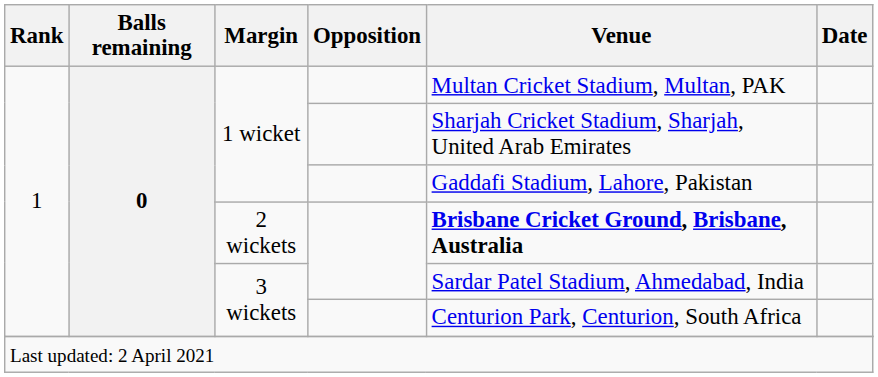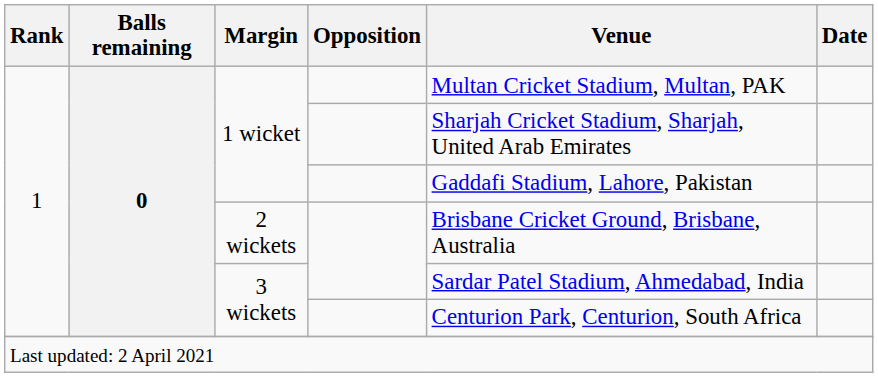 <table class="wikitable plainrowheaders sortable">
 <tr>
 <th scope=col>Rank</th>
 <th scope=col>Balls remaining</th>
 <th scope=col>Margin</th>
 <th scope=col>Opposition</th>
 <th scope=col>Venue</th>
 <th scope=col>Date</th>
 </tr>
 <tr>
 <td align=center rowspan=6>1</td>
 <th scope=row style=text-align:center; rowspan=6>0</th>
 <td scope=row style=text-align:center; rowspan=3>1 wicket</td>
 <td></td>
 <td><a href='#'>Multan Cricket Stadium</a>, <a href='#'>Multan</a>, PAK</td>
 <td></td>
 </tr>
 <tr>
 <td></td>
 <td><a href='#'>Sharjah Cricket Stadium</a>, <a href='#'>Sharjah</a>, United Arab Emirates</td>
 <td></td>
 </tr>
 <tr>
 <td></td>
 <td><a href='#'>Gaddafi Stadium</a>, <a href='#'>Lahore</a>, Pakistan</td>
 <td> </td>
 </tr>
 <tr>
 <td scope=row style=text-align:center;>2 wickets</td>
 <td rowspan=2></td>
-<td><strong><a href='#'>Brisbane Cricket Ground</a>, <a href='#'>Brisbane</a>, Australia</strong></td>
+<td><a href='#'>Brisbane Cricket Ground</a>, <a href='#'>Brisbane</a>, Australia</td>
 <td></td>
 </tr>
 <tr>
 <td scope=row style=text-align:center; rowspan=2>3 wickets</td>
 <td><a href='#'>Sardar Patel Stadium</a>, <a href='#'>Ahmedabad</a>, India</td>
 <td></td>
 </tr>
 <tr>
 <td></td>
 <td><a href='#'>Centurion Park</a>, <a href='#'>Centurion</a>, South Africa</td>
 <td></td>
 </tr>
 <tr>
 </tr>
 <tr class=sortbottom>
 <td colspan=6><small>Last updated: 2 April 2021</small></td>
 </tr>
 </table>
